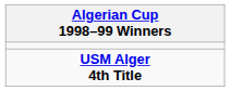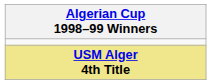 <table class="wikitable" style="text-align: center; margin: 0 auto; width: 20%">
 <tr>
 <th><a href='#'>Algerian Cup</a><br>1998–99 Winners</th>
 </tr>
 <tr>
 <td></td>
 </tr>
 <tr>
-<td><strong><a href='#'>USM Alger</a></strong><br><strong>4th Title</strong></td>
+<td style="background: khaki;"><strong><a href='#'>USM Alger</a></strong><br><strong>4th Title</strong></td>
 </tr>
 </table>
